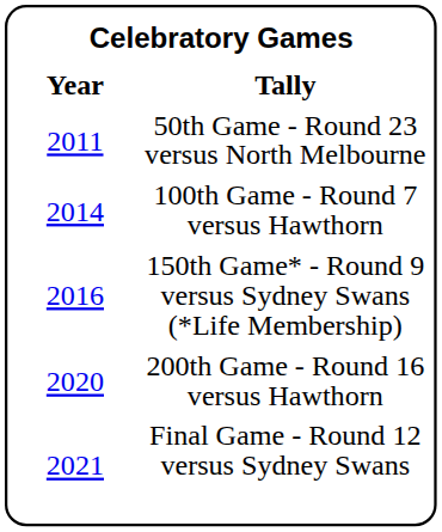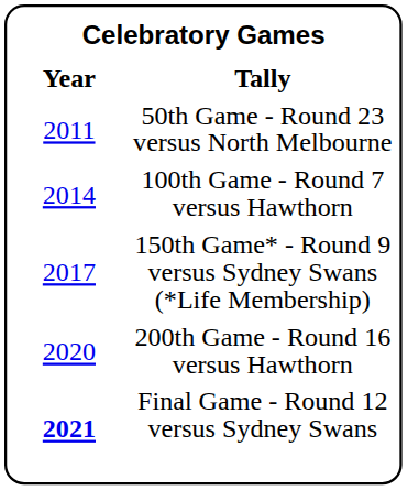 <table style="margin-right:4px; margin-top:8px; float:right; border:1px #000 solid; border-radius:8px; background:#fff; font-family:Verdana; font-size:8pt; text-align:center;">
 <tr style="background:#fff;">
 <td colspan="2;" style="padding:3px; margin-bottom:-3px; margin-top:2px; font-family:Arial; "><strong>Celebratory Games</strong></td>
 </tr>
 <tr>
 <th style="width:30%;">Year</th>
 <th style="width:70%;">Tally</th>
 </tr>
 <tr>
 <td><a href='#'>2011</a></td>
 <td>50th Game - Round 23<br>versus North Melbourne</td>
 </tr>
 <tr>
 <td><a href='#'>2014</a></td>
 <td>100th Game - Round 7<br>versus Hawthorn</td>
 </tr>
 <tr>
-<td><a href='#'>2016</a></td>
+<td><a href='#'>2017</a></td>
 <td>150th Game* - Round 9<br>versus Sydney Swans<br>(*Life Membership)</td>
 </tr>
 <tr>
 <td><a href='#'>2020</a></td>
 <td>200th Game - Round 16<br>versus Hawthorn</td>
 </tr>
 <tr>
-<td><a href='#'>2021</a></td>
+<td><strong><a href='#'>2021</a></strong></td>
 <td>Final Game - Round 12<br>versus Sydney Swans<br><br></td>
 </tr>
 <tr>
 </tr>
 </table>
